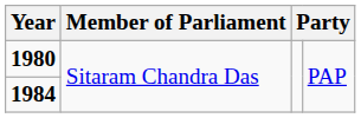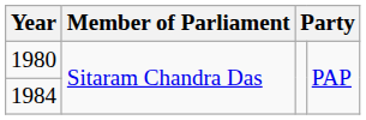 <table class="wikitable">
 <tr>
 <th>Year</th>
 <th>Member of Parliament</th>
 <th colspan="2">Party</th>
 </tr>
 <tr>
-<td><strong>1980</strong></td>
+<td>1980</td>
 <td rowspan="2"><a href='#'>Sitaram Chandra Das</a></td>
 <td rowspan="2"></td>
 <td rowspan="2"><a href='#'>PAP</a></td>
 </tr>
 <tr>
-<td><strong>1984</strong></td>
+<td>1984</td>
 </tr>
 </table>
